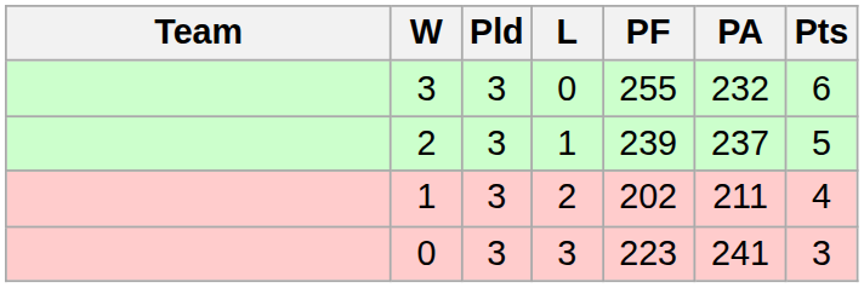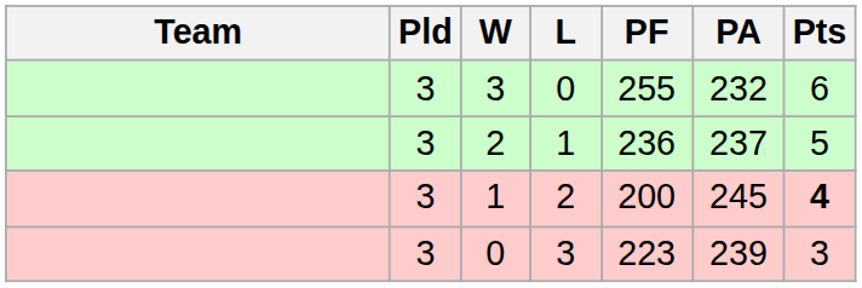 <table class="wikitable" style="text-align:center;">
 <tr>
 <th width=170>Team</th>
+<th width=25>Pld</th>
 <th width=25>W</th>
-<th width=25>Pld</th>
 <th width=25>L</th>
 <th width=35>PF</th>
 <th width=35>PA</th>
 <th width=25>Pts</th>
 </tr>
 <tr bgcolor=#ccffcc>
 <td align="left"></td>
 <td>3</td>
 <td>3</td>
 <td>0</td>
 <td>255</td>
 <td>232</td>
 <td>6</td>
 </tr>
 <tr bgcolor=#ccffcc>
 <td align="left"></td>
+<td>3</td>
 <td>2</td>
-<td>3</td>
 <td>1</td>
-<td>239</td>
+<td>236</td>
 <td>237</td>
 <td>5</td>
 </tr>
 <tr bgcolor=#ffcccc>
 <td align="left"></td>
+<td>3</td>
 <td>1</td>
-<td>3</td>
 <td>2</td>
-<td>202</td>
-<td>211</td>
-<td>4</td>
+<td>200</td>
+<td>245</td>
+<td><strong>4</strong></td>
 </tr>
 <tr bgcolor=#ffcccc>
 <td align="left"></td>
+<td>3</td>
 <td>0</td>
 <td>3</td>
-<td>3</td>
 <td>223</td>
-<td>241</td>
+<td>239</td>
 <td>3</td>
 </tr>
 </table>
